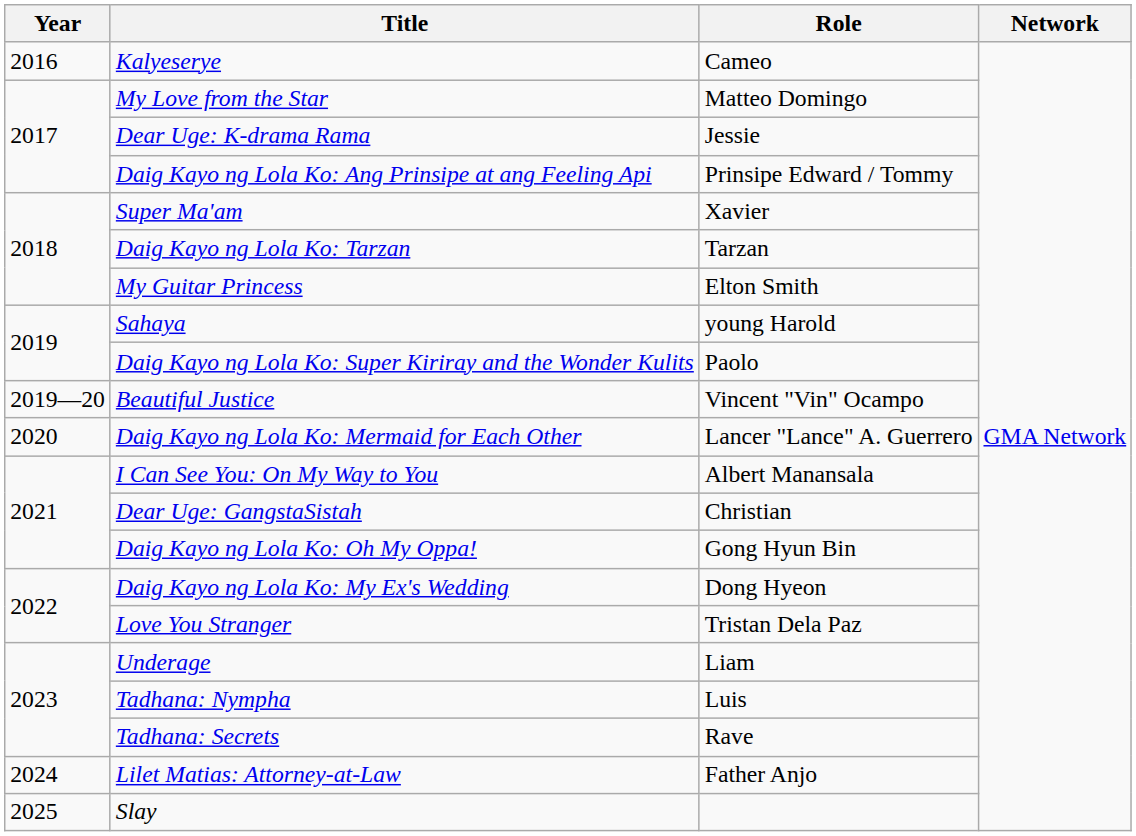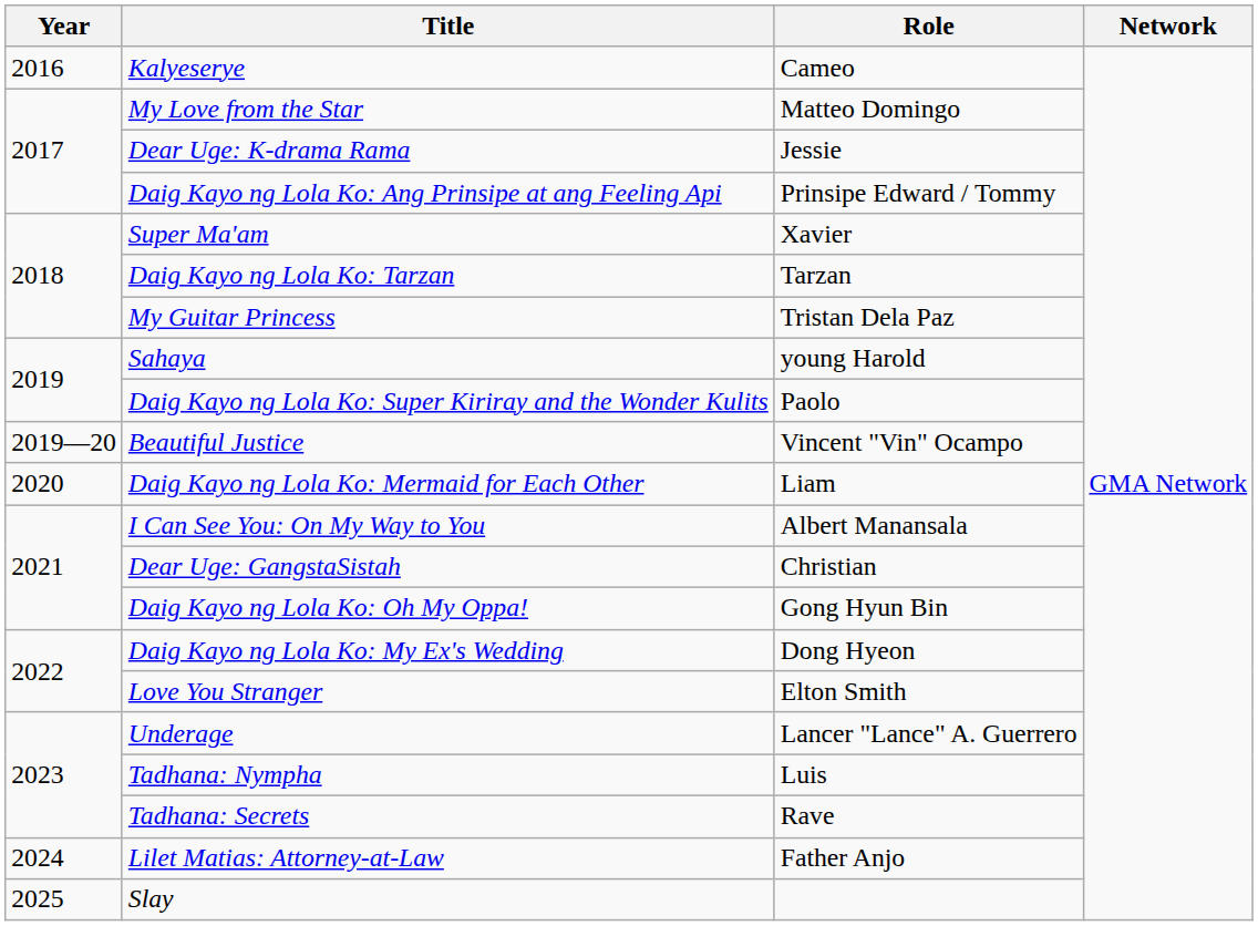 <table class="wikitable plainrowheaders sortable">
 <tr>
 <th scope="col">Year</th>
 <th scope="col">Title</th>
 <th scope="col">Role</th>
 <th scope="col">Network</th>
 </tr>
 <tr>
 <td>2016</td>
 <td><em><a href='#'>Kalyeserye</a></em></td>
 <td>Cameo</td>
 <td rowspan="21"><a href='#'>GMA Network</a></td>
 </tr>
 <tr>
 <td rowspan=3>2017</td>
 <td><em><a href='#'>My Love from the Star</a></em></td>
 <td>Matteo Domingo</td>
 </tr>
 <tr>
 <td><em><a href='#'>Dear Uge: K-drama Rama</a></em></td>
 <td>Jessie</td>
 </tr>
 <tr>
 <td><em><a href='#'>Daig Kayo ng Lola Ko: Ang Prinsipe at ang Feeling Api</a></em></td>
 <td>Prinsipe Edward / Tommy</td>
 </tr>
 <tr>
 <td rowspan=3>2018</td>
 <td><em><a href='#'>Super Ma'am</a></em></td>
 <td>Xavier</td>
 </tr>
 <tr>
 <td><em><a href='#'>Daig Kayo ng Lola Ko: Tarzan</a></em></td>
 <td>Tarzan</td>
 </tr>
 <tr>
 <td><em><a href='#'>My Guitar Princess</a></em></td>
-<td>Elton Smith</td>
+<td>Tristan Dela Paz</td>
 </tr>
 <tr>
 <td rowspan=2>2019</td>
 <td><em><a href='#'>Sahaya</a></em></td>
 <td>young Harold</td>
 </tr>
 <tr>
 <td><em><a href='#'>Daig Kayo ng Lola Ko: Super Kiriray and the Wonder Kulits</a></em></td>
 <td>Paolo</td>
 </tr>
 <tr>
 <td>2019—20</td>
 <td><em><a href='#'>Beautiful Justice</a></em></td>
 <td>Vincent "Vin" Ocampo</td>
 </tr>
 <tr>
 <td>2020</td>
 <td><em><a href='#'>Daig Kayo ng Lola Ko: Mermaid for Each Other</a></em></td>
-<td>Lancer "Lance" A. Guerrero</td>
+<td>Liam</td>
 </tr>
 <tr>
 <td rowspan=3>2021</td>
 <td><em><a href='#'>I Can See You: On My Way to You</a></em></td>
 <td>Albert Manansala</td>
 </tr>
 <tr>
 <td><em><a href='#'>Dear Uge: GangstaSistah</a></em></td>
 <td>Christian</td>
 </tr>
 <tr>
 <td><em><a href='#'>Daig Kayo ng Lola Ko: Oh My Oppa!</a></em></td>
 <td>Gong Hyun Bin</td>
 </tr>
 <tr>
 <td rowspan=2>2022</td>
 <td><em><a href='#'>Daig Kayo ng Lola Ko: My Ex's Wedding</a></em></td>
 <td>Dong Hyeon</td>
 </tr>
 <tr>
 <td><em><a href='#'>Love You Stranger</a></em></td>
-<td>Tristan Dela Paz</td>
+<td>Elton Smith</td>
 </tr>
 <tr>
 <td rowspan="3">2023</td>
 <td><em><a href='#'>Underage</a></em></td>
-<td>Liam</td>
+<td>Lancer "Lance" A. Guerrero</td>
 </tr>
 <tr>
 <td><em><a href='#'>Tadhana: Nympha</a></em></td>
 <td>Luis</td>
 </tr>
 <tr>
 <td><em><a href='#'>Tadhana: Secrets</a></em></td>
 <td>Rave</td>
 </tr>
 <tr>
 <td>2024</td>
 <td><em><a href='#'>Lilet Matias: Attorney-at-Law</a></em></td>
 <td>Father Anjo</td>
 </tr>
 <tr>
 <td>2025</td>
 <td><em>Slay</em></td>
 <td></td>
 </tr>
 </table>
